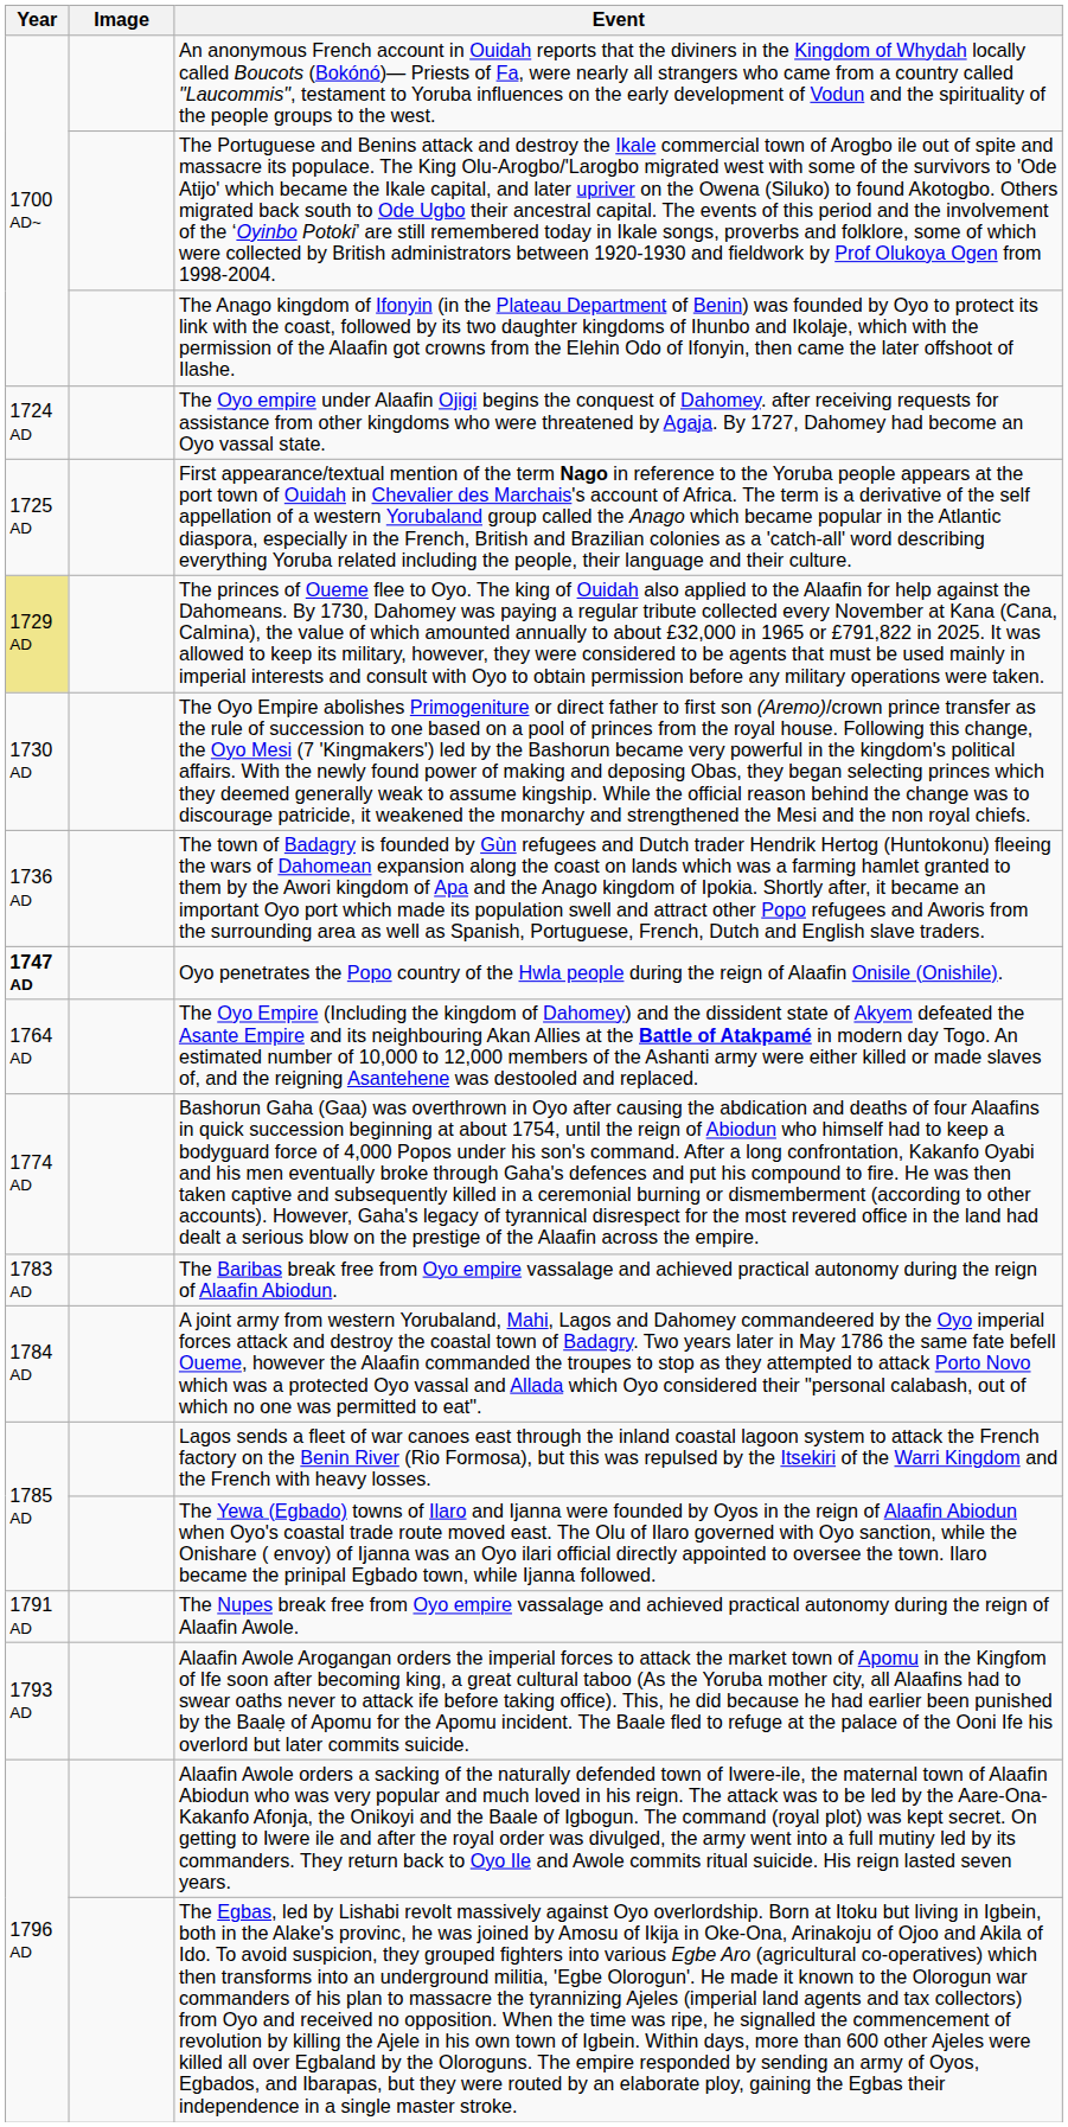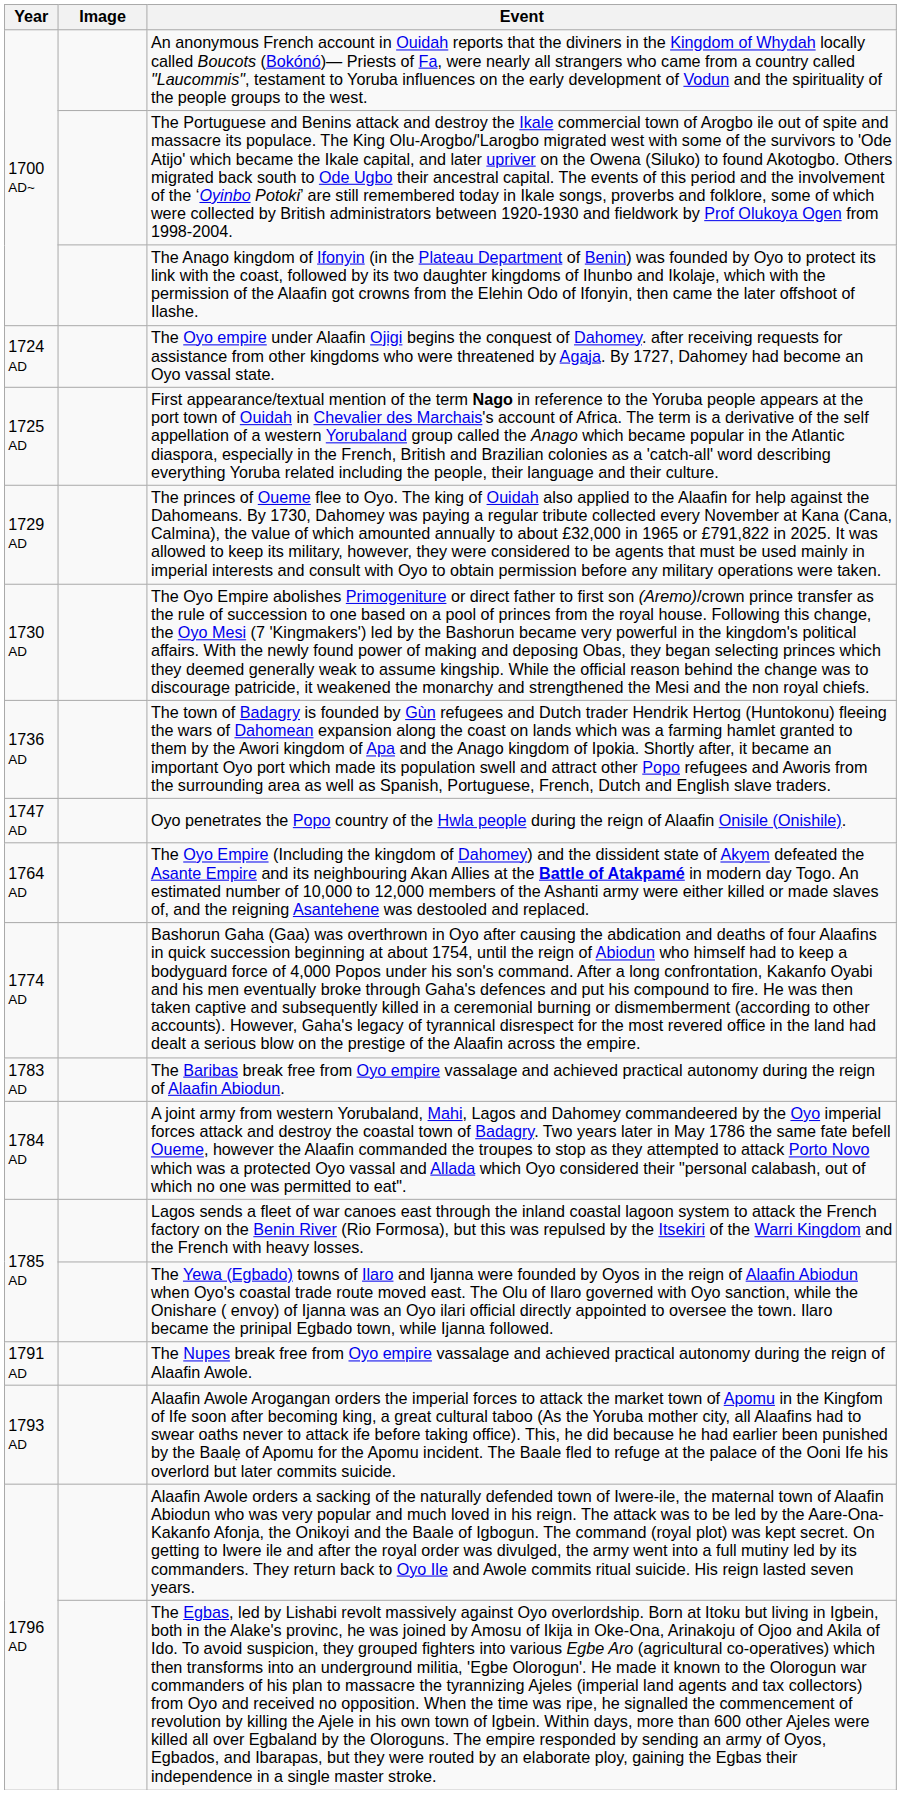 <table class="wikitable" width="100%">
 <tr>
 <th style="width:6%">Year</th>
 <th style="width:10%">Image</th>
 <th>Event</th>
 </tr>
 <tr>
 <td rowspan="3" valign="middle">1700 <small>AD~</small></td>
 <td><small></small></td>
 <td>An anonymous French account in <a href='#'>Ouidah</a> reports that the diviners in the <a href='#'>Kingdom of Whydah</a> locally called <em>Boucots</em> (<a href='#'>Bokónó</a>)— Priests of <a href='#'>Fa</a>, were nearly all strangers who came from a country called <em>"Laucommis"</em>, testament to Yoruba influences on the early development of <a href='#'>Vodun</a> and the spirituality of the people groups to the west.</td>
 </tr>
 <tr>
 <td></td>
 <td>The Portuguese and Benins attack and destroy the <a href='#'>Ikale</a> commercial town of Arogbo ile out of spite and massacre its populace. The King Olu-Arogbo/'Larogbo migrated west with some of the survivors to 'Ode Atijo' which became the Ikale capital, and later <a href='#'>upriver</a> on the Owena (Siluko) to found Akotogbo. Others migrated back south to <a href='#'>Ode Ugbo</a> their ancestral capital. The events of this period and the involvement of the ‘<em><a href='#'>Oyinbo</a> Potoki</em>’ are still remembered today in Ikale songs, proverbs and folklore, some of which were collected by British administrators between 1920-1930 and fieldwork by <a href='#'>Prof Olukoya Ogen</a> from 1998-2004.</td>
 </tr>
 <tr>
 <td><small></small></td>
 <td>The Anago kingdom of <a href='#'>Ifonyin</a> (in the <a href='#'>Plateau Department</a> of <a href='#'>Benin</a>) was founded by Oyo to protect its link with the coast, followed by its two daughter kingdoms of Ihunbo and Ikolaje, which with the permission of the Alaafin got crowns from the Elehin Odo of Ifonyin, then came the later offshoot of Ilashe.</td>
 </tr>
 <tr>
 <td>1724 <small>AD</small></td>
 <td></td>
 <td>The <a href='#'>Oyo empire</a> under Alaafin <a href='#'>Ojigi</a> begins the conquest of <a href='#'>Dahomey</a>. after receiving requests for assistance from other kingdoms who were threatened by <a href='#'>Agaja</a>. By 1727, Dahomey had become an Oyo vassal state.</td>
 </tr>
 <tr>
 <td>1725 <small>AD</small></td>
 <td><small></small></td>
 <td>First appearance/textual mention of the term <strong>Nago</strong> in reference to the Yoruba people appears at the port town of <a href='#'>Ouidah</a> in <a href='#'>Chevalier des Marchais</a>'s account of Africa. The term is a derivative of the self appellation of a western <a href='#'>Yorubaland</a> group called the <em>Anago</em> which became popular in the Atlantic diaspora, especially in the French, British and Brazilian colonies as a 'catch-all' word describing everything Yoruba related including the people, their language and their culture.</td>
 </tr>
 <tr>
-<td style="background: khaki;">1729 <small>AD</small></td>
+<td>1729 <small>AD</small></td>
 <td></td>
 <td>The princes of <a href='#'>Oueme</a> flee to Oyo. The king of <a href='#'>Ouidah</a> also applied to the Alaafin for help against the Dahomeans. By 1730, Dahomey was paying a regular tribute collected every November at Kana (Cana, Calmina), the value of which amounted annually to about £32,000 in 1965 or £791,822 in 2025. It was allowed to keep its military, however, they were considered to be agents that must be used mainly in imperial interests and consult with Oyo to obtain permission before any military operations were taken.</td>
 </tr>
 <tr>
 <td>1730 <small>AD</small></td>
 <td></td>
 <td>The Oyo Empire abolishes <a href='#'>Primogeniture</a> or direct father to first son <em>(Aremo)</em>/crown prince transfer as the rule of succession to one based on a pool of princes from the royal house. Following this change, the <a href='#'>Oyo Mesi</a> (7 'Kingmakers') led by the Bashorun became very powerful in the kingdom's political affairs. With the newly found power of making and deposing Obas, they began selecting princes which they deemed generally weak to assume kingship. While the official reason behind the change was to discourage patricide, it weakened the monarchy and strengthened the Mesi and the non royal chiefs.</td>
 </tr>
 <tr>
 <td>1736 <small>AD</small></td>
 <td></td>
 <td>The town of <a href='#'>Badagry</a> is founded by <a href='#'>Gùn</a> refugees and Dutch trader Hendrik Hertog (Huntokonu) fleeing the wars of <a href='#'>Dahomean</a> expansion along the coast on lands which was a farming hamlet granted to them by the Awori kingdom of <a href='#'>Apa</a> and the Anago kingdom of Ipokia. Shortly after, it became an important Oyo port which made its population swell and attract other <a href='#'>Popo</a> refugees and Aworis from the surrounding area as well as Spanish, Portuguese, French, Dutch and English slave traders.</td>
 </tr>
 <tr>
-<td><strong>1747 <small>AD</small></strong></td>
+<td>1747 <small>AD</small></td>
 <td></td>
 <td>Oyo penetrates the <a href='#'>Popo</a> country of the <a href='#'>Hwla people</a> during the reign of Alaafin <a href='#'>Onisile (Onishile)</a>.</td>
 </tr>
 <tr>
 <td>1764 <small>AD</small></td>
 <td></td>
 <td>The <a href='#'>Oyo Empire</a> (Including the kingdom of <a href='#'>Dahomey</a>) and the dissident state of <a href='#'>Akyem</a> defeated the <a href='#'>Asante Empire</a> and its neighbouring Akan Allies at the <strong><a href='#'>Battle of Atakpamé</a></strong> in modern day Togo. An estimated number of 10,000 to 12,000 members of the Ashanti army were either killed or made slaves of, and the reigning <a href='#'>Asantehene</a> was destooled and replaced.</td>
 </tr>
 <tr>
 <td>1774 <small>AD</small></td>
 <td></td>
 <td>Bashorun Gaha (Gaa) was overthrown in Oyo after causing the abdication and deaths of four Alaafins in quick succession beginning at about 1754, until the reign of <a href='#'>Abiodun</a> who himself had to keep a bodyguard force of 4,000 Popos under his son's command. After a long confrontation, Kakanfo Oyabi and his men eventually broke through Gaha's defences and put his compound to fire. He was then taken captive and subsequently killed in a ceremonial burning or dismemberment (according to other accounts). However, Gaha's legacy of tyrannical disrespect for the most revered office in the land had dealt a serious blow on the prestige of the Alaafin across the empire.</td>
 </tr>
 <tr>
 <td>1783 <small>AD</small></td>
 <td></td>
 <td>The <a href='#'>Baribas</a> break free from <a href='#'>Oyo empire</a> vassalage and achieved practical autonomy during the reign of <a href='#'>Alaafin Abiodun</a>.</td>
 </tr>
 <tr>
 <td>1784 <small>AD</small></td>
 <td></td>
 <td>A joint army from western Yorubaland, <a href='#'>Mahi</a>, Lagos and Dahomey commandeered by the <a href='#'>Oyo</a> imperial forces attack and destroy the coastal town of <a href='#'>Badagry</a>. Two years later in May 1786 the same fate befell <a href='#'>Oueme</a>, however the Alaafin commanded the troupes to stop as they attempted to attack <a href='#'>Porto Novo</a> which was a protected Oyo vassal and <a href='#'>Allada</a> which Oyo considered their "personal calabash, out of which no one was permitted to eat".</td>
 </tr>
 <tr>
 <td rowspan="2" valign="middle">1785 <small>AD</small></td>
 <td></td>
 <td>Lagos sends a fleet of war canoes east through the inland coastal lagoon system to attack the French factory on the <a href='#'>Benin River</a> (Rio Formosa), but this was repulsed by the <a href='#'>Itsekiri</a> of the <a href='#'>Warri Kingdom</a> and the French with heavy losses.</td>
 </tr>
 <tr>
 <td><small></small></td>
 <td>The <a href='#'>Yewa (Egbado)</a> towns of <a href='#'>Ilaro</a> and Ijanna were founded by Oyos in the reign of <a href='#'>Alaafin Abiodun</a> when Oyo's coastal trade route moved east. The Olu of Ilaro governed with Oyo sanction, while the Onishare ( envoy) of Ijanna was an Oyo ilari official directly appointed to oversee the town. Ilaro became the prinipal Egbado town, while Ijanna followed.</td>
 </tr>
 <tr>
 <td>1791 <small>AD</small></td>
 <td></td>
 <td>The <a href='#'>Nupes</a> break free from <a href='#'>Oyo empire</a> vassalage and achieved practical autonomy during the reign of Alaafin Awole.</td>
 </tr>
 <tr>
 <td>1793 <small>AD</small></td>
 <td></td>
 <td>Alaafin Awole Arogangan orders the imperial forces to attack the market town of <a href='#'>Apomu</a> in the Kingfom of Ife soon after becoming king, a great cultural taboo (As the Yoruba mother city, all Alaafins had to swear oaths never to attack ife before taking office). This, he did because he had earlier been punished by the Baalẹ of Apomu for the Apomu incident. The Baale fled to refuge at the palace of the Ooni Ife his overlord but later commits suicide.</td>
 </tr>
 <tr>
 <td rowspan="2" valign="middle">1796 <small>AD</small></td>
 <td></td>
 <td>Alaafin Awole orders a sacking of the naturally defended town of Iwere-ile, the maternal town of Alaafin Abiodun who was very popular and much loved in his reign. The attack was to be led by the Aare-Ona-Kakanfo Afonja, the Onikoyi and the Baale of Igbogun. The command (royal plot) was kept secret. On getting to Iwere ile and after the royal order was divulged, the army went into a full mutiny led by its commanders. They return back to <a href='#'>Oyo Ile</a> and Awole commits ritual suicide. His reign lasted seven years.</td>
 </tr>
 <tr>
 <td></td>
 <td>The <a href='#'>Egbas</a>, led by Lishabi revolt massively against Oyo overlordship. Born at Itoku but living in Igbein, both in the Alake's provinc, he was joined by Amosu of Ikija in Oke-Ona, Arinakoju of Ojoo and Akila of Ido. To avoid suspicion, they grouped fighters into various <em>Egbe Aro</em> (agricultural co-operatives) which then transforms into an underground militia, 'Egbe Olorogun'. He made it known to the Olorogun war commanders of his plan to massacre the tyrannizing Ajeles (imperial land agents and tax collectors) from Oyo and received no opposition. When the time was ripe, he signalled the commencement of revolution by killing the Ajele in his own town of Igbein. Within days, more than 600 other Ajeles were killed all over Egbaland by the Oloroguns. The empire responded by sending an army of Oyos, Egbados, and Ibarapas, but they were routed by an elaborate ploy, gaining the Egbas their independence in a single master stroke.</td>
 </tr>
 </table>
